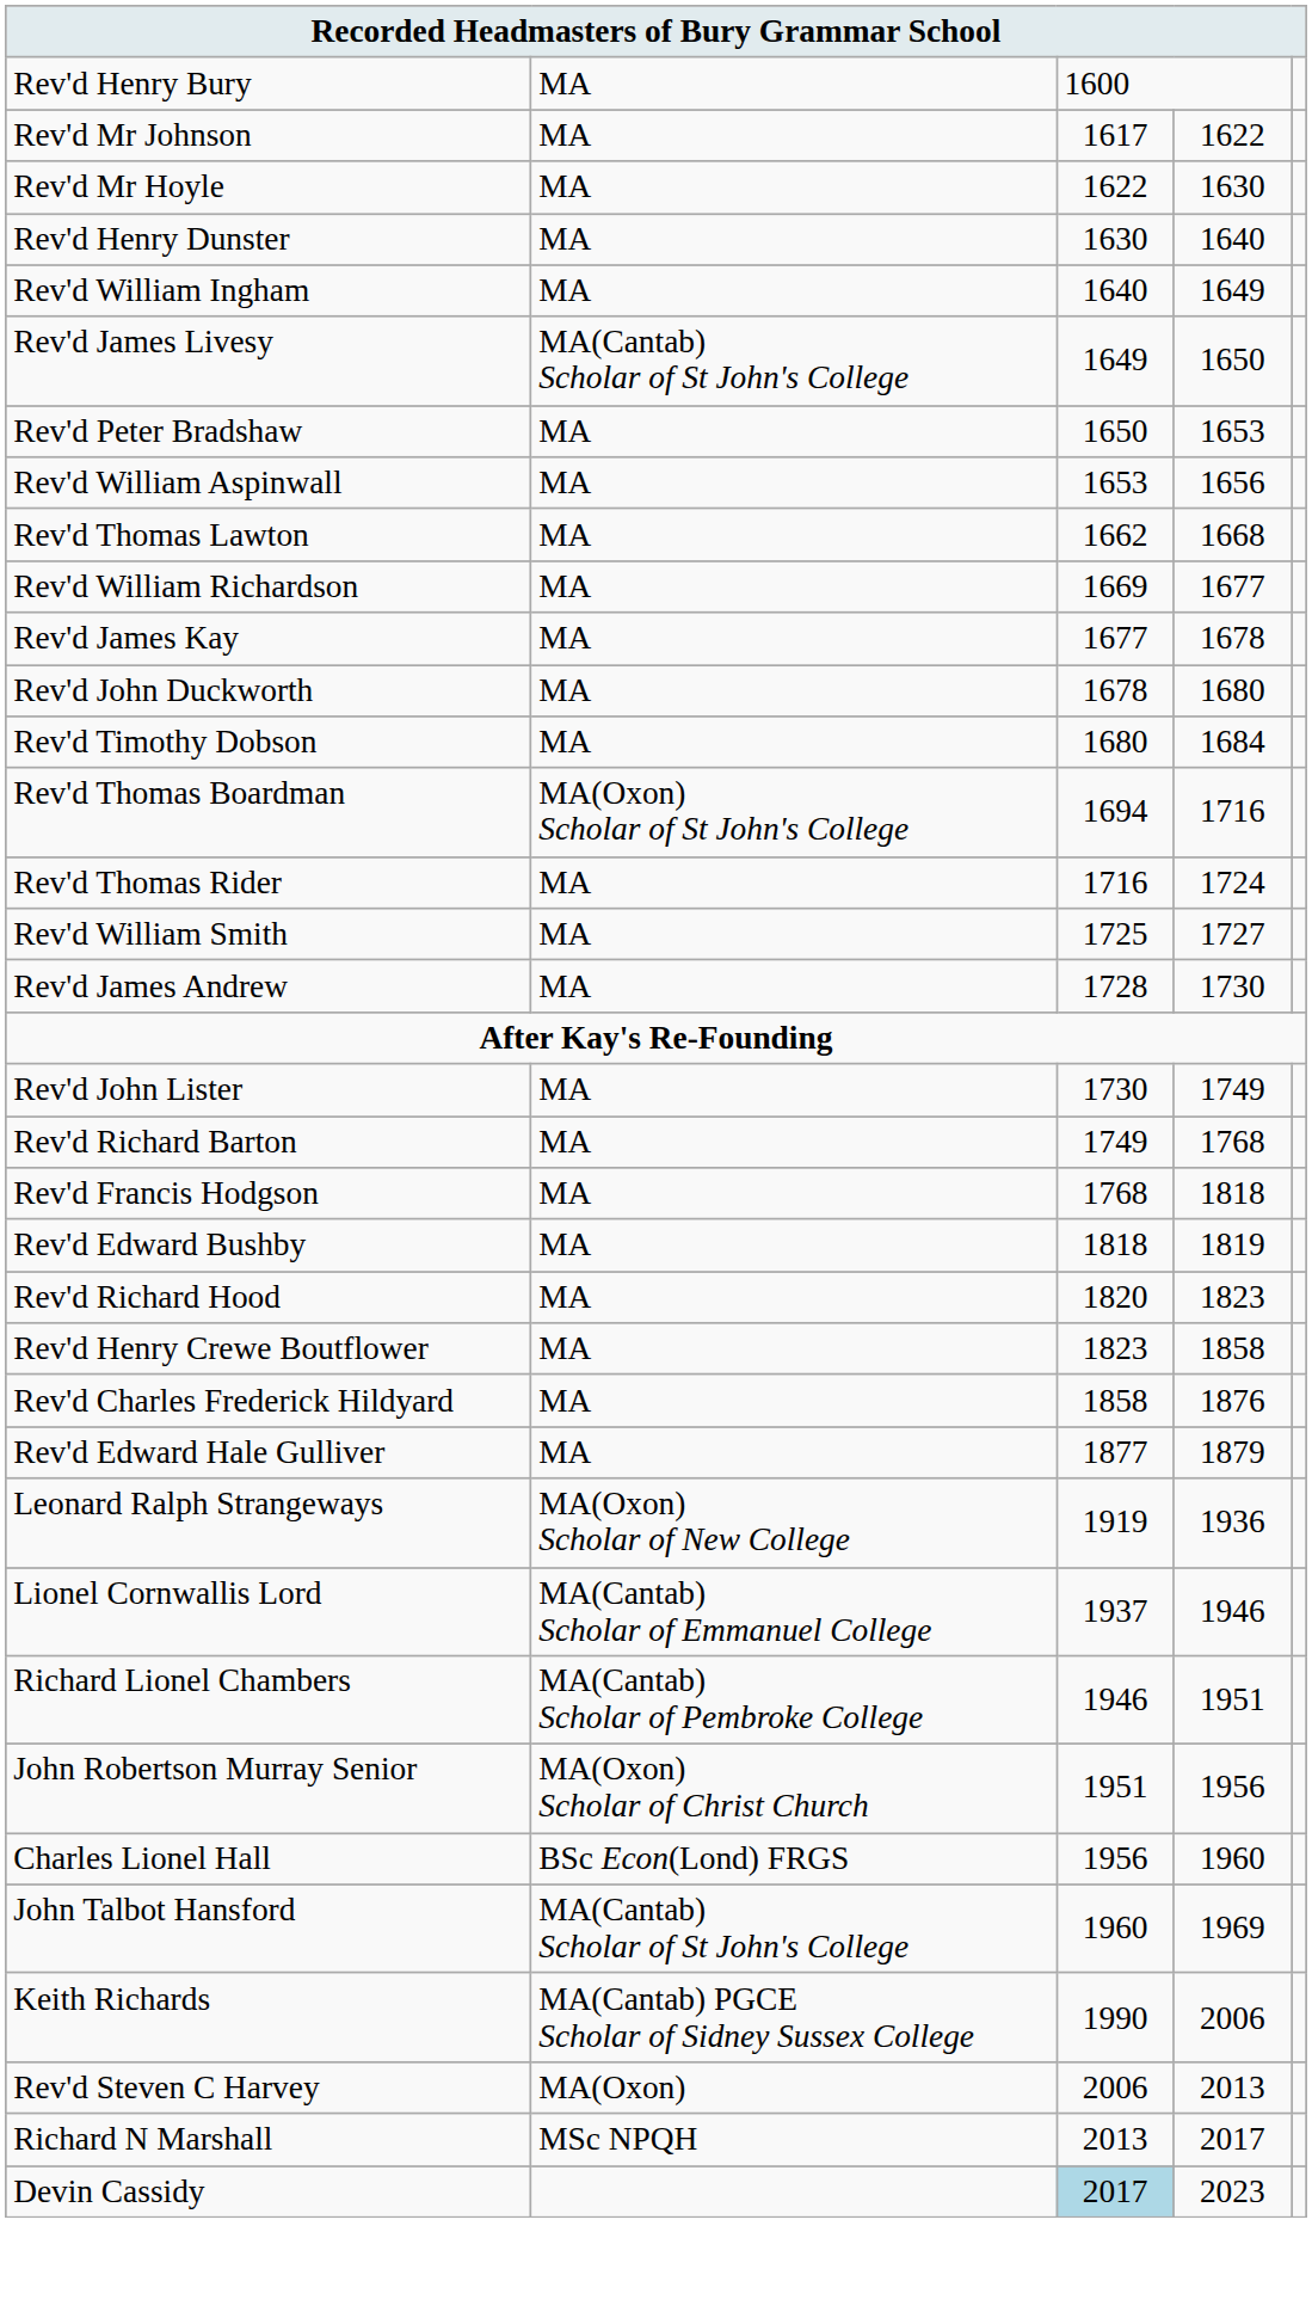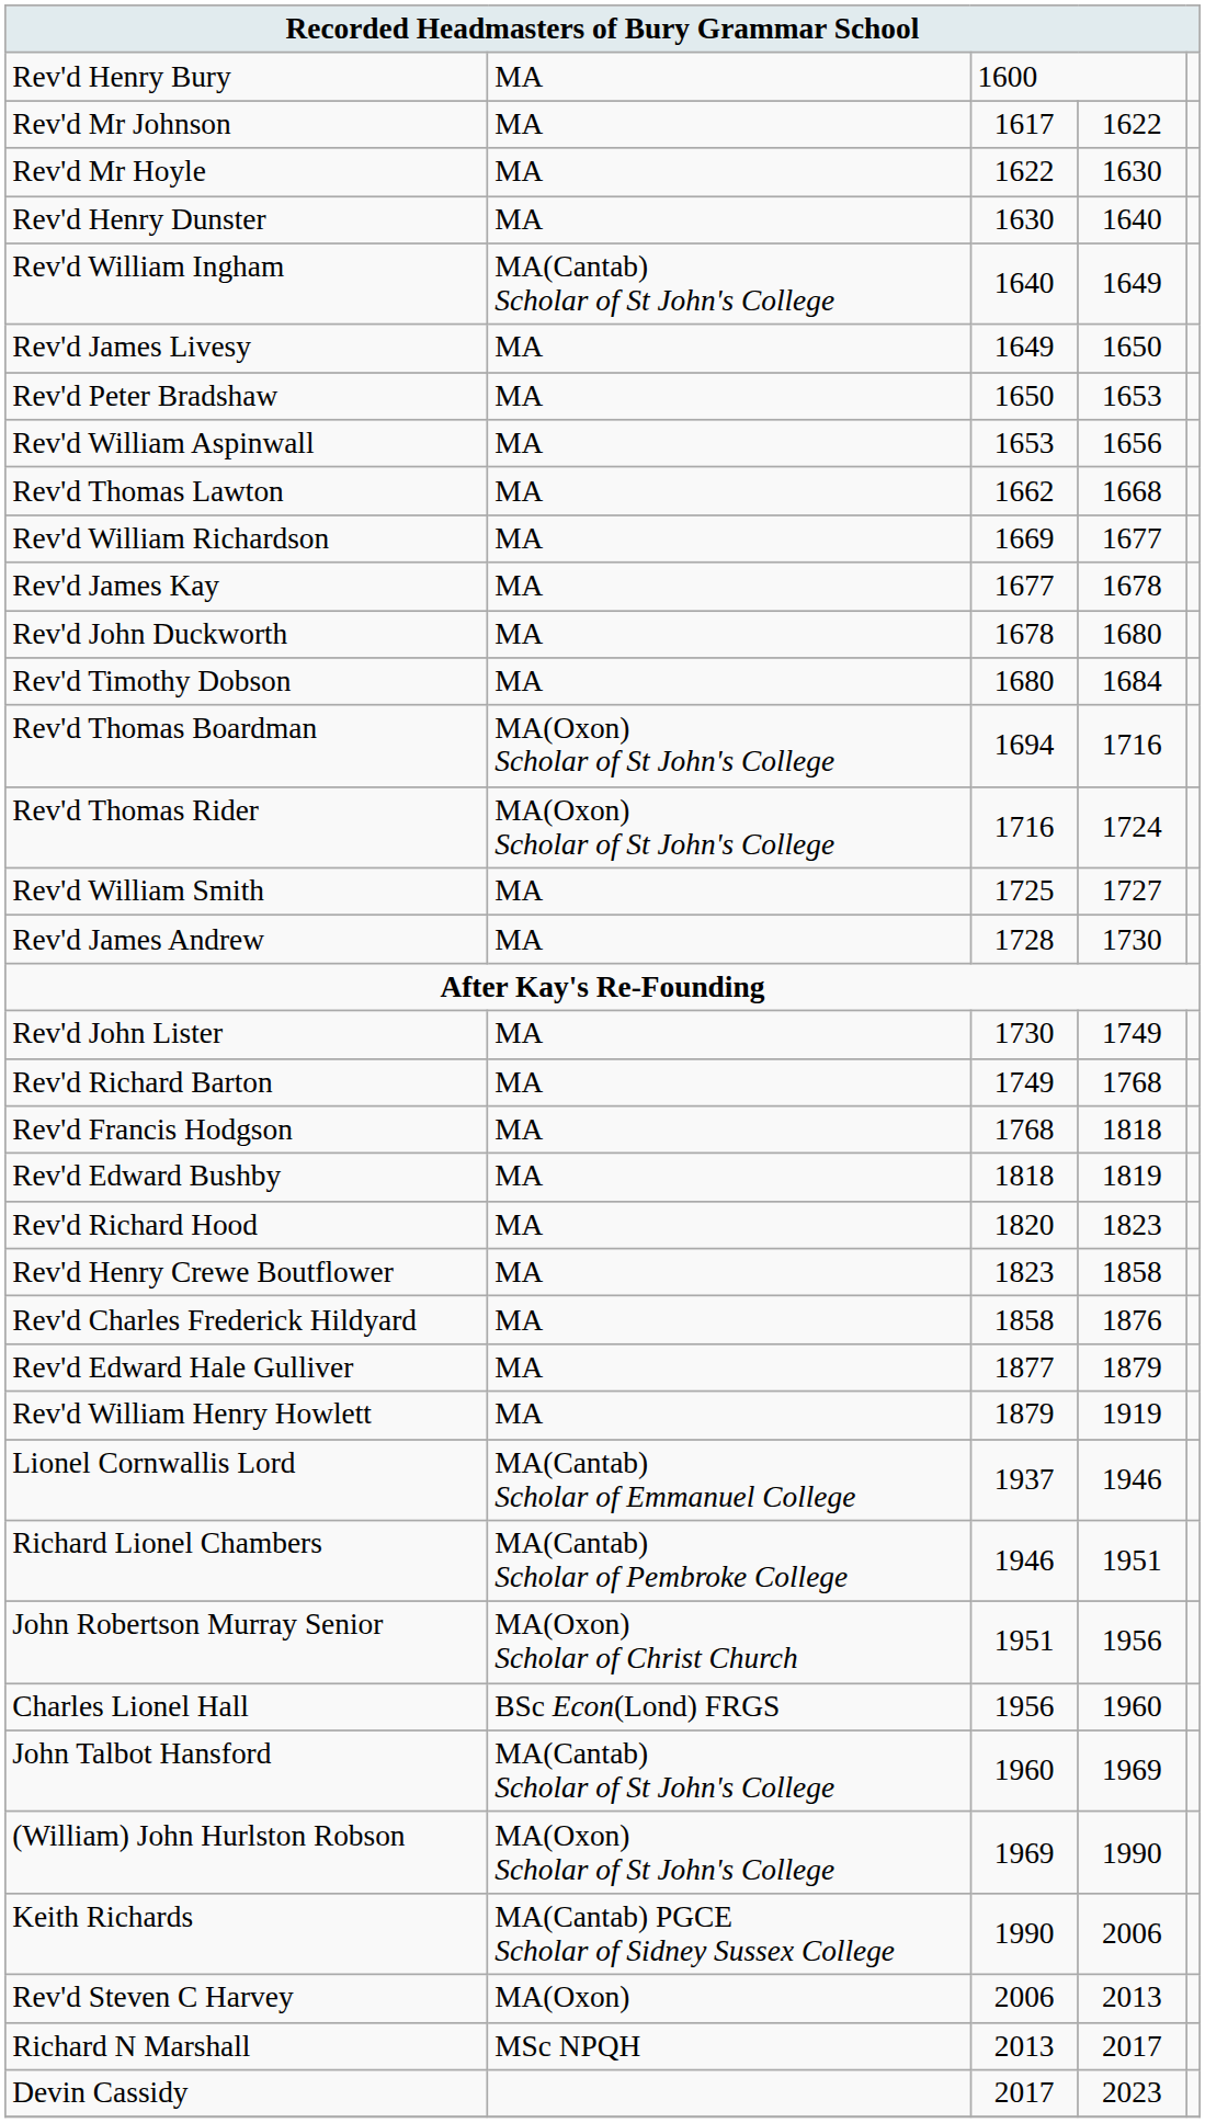 <table class="wikitable mw-collapsible mw-collapsed">
 <tr>
 <td ! style="text-align: center; background: #E1EBEE; color:#000000" colspan = 5><strong>Recorded Headmasters of Bury Grammar School</strong></td>
 </tr>
 <tr>
 <td style="width: 250px; vertical-align: top;">Rev'd Henry Bury</td>
 <td>MA</td>
 <td style="width: 50px; " colspan = 2>1600</td>
 <td></td>
 </tr>
 <tr>
 <td style="width: 250px; vertical-align: top;">Rev'd Mr Johnson</td>
 <td>MA</td>
 <td style="width: 50px; " align = center>1617</td>
 <td style="width: 50px; text-align: center;">1622</td>
 <td></td>
 </tr>
 <tr>
 <td style="width: 250px; vertical-align: top;">Rev'd Mr Hoyle</td>
 <td>MA</td>
 <td style="width: 50px;" align = center>1622</td>
 <td style="width: 50px; text-align: center;">1630</td>
 <td></td>
 </tr>
 <tr>
 <td style="width: 250px; vertical-align: top;">Rev'd Henry Dunster</td>
 <td>MA</td>
 <td style="width: 50px;" align = center>1630</td>
 <td style="width: 50px; text-align: center;">1640</td>
 <td></td>
 </tr>
 <tr>
 <td style="width: 250px; vertical-align: top;">Rev'd William Ingham</td>
-<td>MA</td>
+<td>MA(Cantab)<br><em>Scholar of St John's College</em></td>
 <td style="width: 50px;" align = center>1640</td>
 <td style="width: 50px; text-align: center;">1649</td>
 <td></td>
 </tr>
 <tr>
 <td style="width: 250px; vertical-align: top;">Rev'd James Livesy</td>
-<td>MA(Cantab)<br><em>Scholar of St John's College</em></td>
+<td>MA</td>
 <td style="width: 50px;" align = center>1649</td>
 <td style="width: 50px; text-align: center;">1650</td>
 <td></td>
 </tr>
 <tr>
 <td style="width: 250px; vertical-align: top;">Rev'd Peter Bradshaw</td>
 <td>MA</td>
 <td style="width: 50px;" align = center>1650</td>
 <td style="width: 50px; text-align: center;">1653</td>
 <td></td>
 </tr>
 <tr>
 <td style="width: 250px; vertical-align: top;">Rev'd William Aspinwall</td>
 <td>MA</td>
 <td style="width: 50px;" align = center>1653</td>
 <td style="width: 50px; text-align: center;">1656</td>
 <td></td>
 </tr>
 <tr>
 <td style="width: 250px; vertical-align: top;">Rev'd Thomas Lawton</td>
 <td>MA</td>
 <td style="width: 50px;" align = center>1662</td>
 <td style="width: 50px; text-align: center;">1668</td>
 <td></td>
 </tr>
 <tr>
 <td style="width: 250px; vertical-align: top;">Rev'd William Richardson</td>
 <td>MA</td>
 <td style="width: 50px;" align = center>1669</td>
 <td style="width: 50px; text-align: center;">1677</td>
 <td></td>
 </tr>
 <tr>
 <td style="width: 250px; vertical-align: top;">Rev'd James Kay</td>
 <td>MA</td>
 <td style="width: 50px;" align = center>1677</td>
 <td style="width: 50px; text-align: center;">1678</td>
 <td></td>
 </tr>
 <tr>
 <td style="width: 250px; vertical-align: top;">Rev'd John Duckworth</td>
 <td>MA</td>
 <td style="width: 50px;" align = center>1678</td>
 <td style="width: 50px; text-align: center;">1680</td>
 <td></td>
 </tr>
 <tr>
 <td style="width: 250px; vertical-align: top;">Rev'd Timothy Dobson</td>
 <td>MA</td>
 <td style="width: 50px;" align = center>1680</td>
 <td style="width: 50px; text-align: center;">1684</td>
 <td></td>
 </tr>
 <tr>
 <td style="width: 250px; vertical-align: top;">Rev'd Thomas Boardman</td>
 <td>MA(Oxon)<br><em>Scholar of St John's College</em></td>
 <td style="width: 50px;" align = center>1694</td>
 <td style="width: 50px; text-align: center;">1716</td>
 <td></td>
 </tr>
 <tr>
 <td style="width: 250px; vertical-align: top;">Rev'd Thomas Rider</td>
-<td>MA</td>
+<td>MA(Oxon)<br><em>Scholar of St John's College</em></td>
 <td style="width: 50px;" align = center>1716</td>
 <td style="width: 50px; text-align: center;">1724</td>
 <td></td>
 </tr>
 <tr>
 <td style="width: 250px; vertical-align: top;">Rev'd William Smith</td>
 <td>MA</td>
 <td style="width: 50px;" align = center>1725</td>
 <td style="width: 50px; text-align: center;">1727</td>
 <td></td>
 </tr>
 <tr>
 <td style="width: 250px; vertical-align: top;">Rev'd James Andrew</td>
 <td>MA</td>
 <td style="width: 50px;" align = center>1728</td>
 <td style="width: 50px; text-align: center;">1730</td>
 <td></td>
 </tr>
 <tr>
 <td style="text-align: center;" colspan = 5><strong>After Kay's Re-Founding</strong></td>
 </tr>
 <tr>
 <td style="width: 250px; vertical-align: top;">Rev'd John Lister</td>
 <td>MA</td>
 <td style="width: 50px;" align = center>1730</td>
 <td style="width: 50px; text-align: center;">1749</td>
 <td></td>
 </tr>
 <tr>
 <td style="width: 250px; vertical-align: top;">Rev'd Richard Barton</td>
 <td>MA</td>
 <td style="width: 50px;" align = center>1749</td>
 <td style="width: 50px; text-align: center;">1768</td>
 <td></td>
 </tr>
 <tr>
 <td style="width: 250px; vertical-align: top;">Rev'd Francis Hodgson</td>
 <td>MA</td>
 <td style="width: 50px;" align = center>1768</td>
 <td style="width: 50px; text-align: center;">1818</td>
 <td></td>
 </tr>
 <tr>
 <td style="width: 250px; vertical-align: top;">Rev'd Edward Bushby</td>
 <td>MA</td>
 <td style="width: 50px;" align = center>1818</td>
 <td style="width: 50px; text-align: center;">1819</td>
 <td></td>
 </tr>
 <tr>
 <td style="width: 250px; vertical-align: top;">Rev'd Richard Hood</td>
 <td>MA</td>
 <td style="width: 50px;" align = center>1820</td>
 <td style="width: 50px; text-align: center;">1823</td>
 <td></td>
 </tr>
 <tr>
 <td style="width: 250px; vertical-align: top;">Rev'd Henry Crewe Boutflower</td>
 <td>MA</td>
 <td style="width: 50px;" align = center>1823</td>
 <td style="width: 50px; text-align: center;">1858</td>
 <td></td>
 </tr>
 <tr>
 <td style="width: 250px; vertical-align: top;">Rev'd Charles Frederick Hildyard</td>
 <td>MA</td>
 <td style="width: 50px;" align = center>1858</td>
 <td style="width: 50px; text-align: center;">1876</td>
 <td></td>
 </tr>
 <tr>
 <td style="width: 250px;">Rev'd Edward Hale Gulliver</td>
 <td>MA</td>
 <td style="width: 50px; vertical-align: top;" align = center>1877</td>
 <td style="width: 50px; text-align: center;">1879</td>
 <td></td>
 </tr>
 <tr>
-<td style="width: 250px; vertical-align: top;">Leonard Ralph Strangeways</td>
-<td>MA(Oxon)<br><em>Scholar of New College</em></td>
-<td style="width: 50px;" align = center>1919</td>
-<td style="width: 50px; text-align: center;">1936</td>
+<td style="width: 250px; vertical-align: top;">Rev'd William Henry Howlett</td>
+<td>MA</td>
+<td style="width: 50px;" align = center>1879</td>
+<td style="width: 50px; text-align: center;">1919</td>
 <td></td>
 </tr>
 <tr>
 <td style="width: 250px; vertical-align: top;">Lionel Cornwallis Lord</td>
 <td>MA(Cantab)<br><em>Scholar of Emmanuel College</em></td>
 <td style="width: 50px;" align = center>1937</td>
 <td style="width: 50px; text-align: center;">1946</td>
 <td></td>
 </tr>
 <tr>
 <td style="width: 250px; vertical-align: top;">Richard Lionel Chambers</td>
 <td>MA(Cantab)<br><em>Scholar of Pembroke College</em></td>
 <td style="width: 50px;" align = center>1946</td>
 <td style="width: 50px; text-align: center;">1951</td>
 <td></td>
 </tr>
 <tr>
 <td style="width: 250px; vertical-align: top;">John Robertson Murray Senior</td>
 <td>MA(Oxon)<br><em>Scholar of Christ Church</em></td>
 <td style="width: 50px; " align = center>1951</td>
 <td style="width: 50px; text-align: center;">1956</td>
 <td></td>
 </tr>
 <tr>
 <td style="width: 250px; vertical-align: top;">Charles Lionel Hall</td>
 <td>BSc <em>Econ</em>(Lond) FRGS</td>
 <td style="width: 50px;" align = center>1956</td>
 <td style="width: 50px; text-align: center;">1960</td>
 <td></td>
 </tr>
 <tr>
 <td style="width: 250px; vertical-align: top;">John Talbot Hansford</td>
 <td>MA(Cantab)<br><em>Scholar of St John's College</em></td>
 <td style="width: 50px;" align = center>1960</td>
 <td style="width: 50px; text-align: center;">1969</td>
 <td></td>
 </tr>
 <tr>
+<td style="width: 250px; vertical-align: top;">(William) John Hurlston Robson</td>
+<td>MA(Oxon)<br><em>Scholar of St John's College</em></td>
+<td style="width: 50px;" align = center>1969</td>
+<td style="width: 50px; text-align: center;">1990</td>
+<td></td>
+</tr>
+<tr>
 <td style="width: 250px; vertical-align: top;">Keith Richards</td>
 <td style="width: 250px;">MA(Cantab) PGCE<br><em>Scholar of Sidney Sussex College</em></td>
 <td style="width: 50px;" align = center>1990</td>
 <td style="width: 50px; text-align: center;">2006</td>
 <td></td>
 </tr>
 <tr>
 <td style="width: 250px; vertical-align: top;">Rev'd Steven C Harvey</td>
 <td>MA(Oxon)</td>
 <td style="width: 50px; vertical-align: top;" align = center>2006</td>
 <td style="width: 50px; vertical-align: top; text-align: center;">2013</td>
 <td></td>
 </tr>
 <tr>
 <td style="width: 250px; vertical-align: top;">Richard N Marshall</td>
 <td>MSc NPQH</td>
 <td style="width: 50px; vertical-align: top;" align = center>2013</td>
 <td style="width: 50px; vertical-align: top; text-align: center;">2017</td>
 <td></td>
 </tr>
 <tr>
 <td style="width: 250px; vertical-align: top;">Devin Cassidy</td>
 <td></td>
-<td style="background: lightblue; width: 50px; vertical-align: top;" align = center>2017</td>
+<td style="width: 50px; vertical-align: top;" align = center>2017</td>
 <td style="width: 50px; vertical-align: top; text-align: center;">2023</td>
 <td></td>
 </tr>
 <tr>
 </tr>
 </table>
